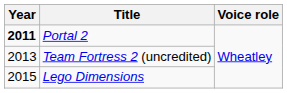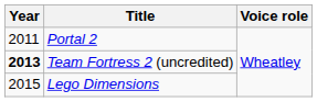 <table class = "wikitable sortable">
 <tr>
 <th>Year</th>
 <th>Title</th>
 <th>Voice role</th>
 </tr>
 <tr>
-<td><strong>2011</strong></td>
+<td>2011</td>
 <td><em><a href='#'>Portal 2</a></em></td>
 <td rowspan=3><a href='#'>Wheatley</a></td>
 </tr>
 <tr>
-<td>2013</td>
+<td><strong>2013</strong></td>
 <td><em><a href='#'>Team Fortress 2</a></em> (uncredited)</td>
 </tr>
 <tr>
 <td>2015</td>
 <td><em><a href='#'>Lego Dimensions</a> </em></td>
 </tr>
 </table>
